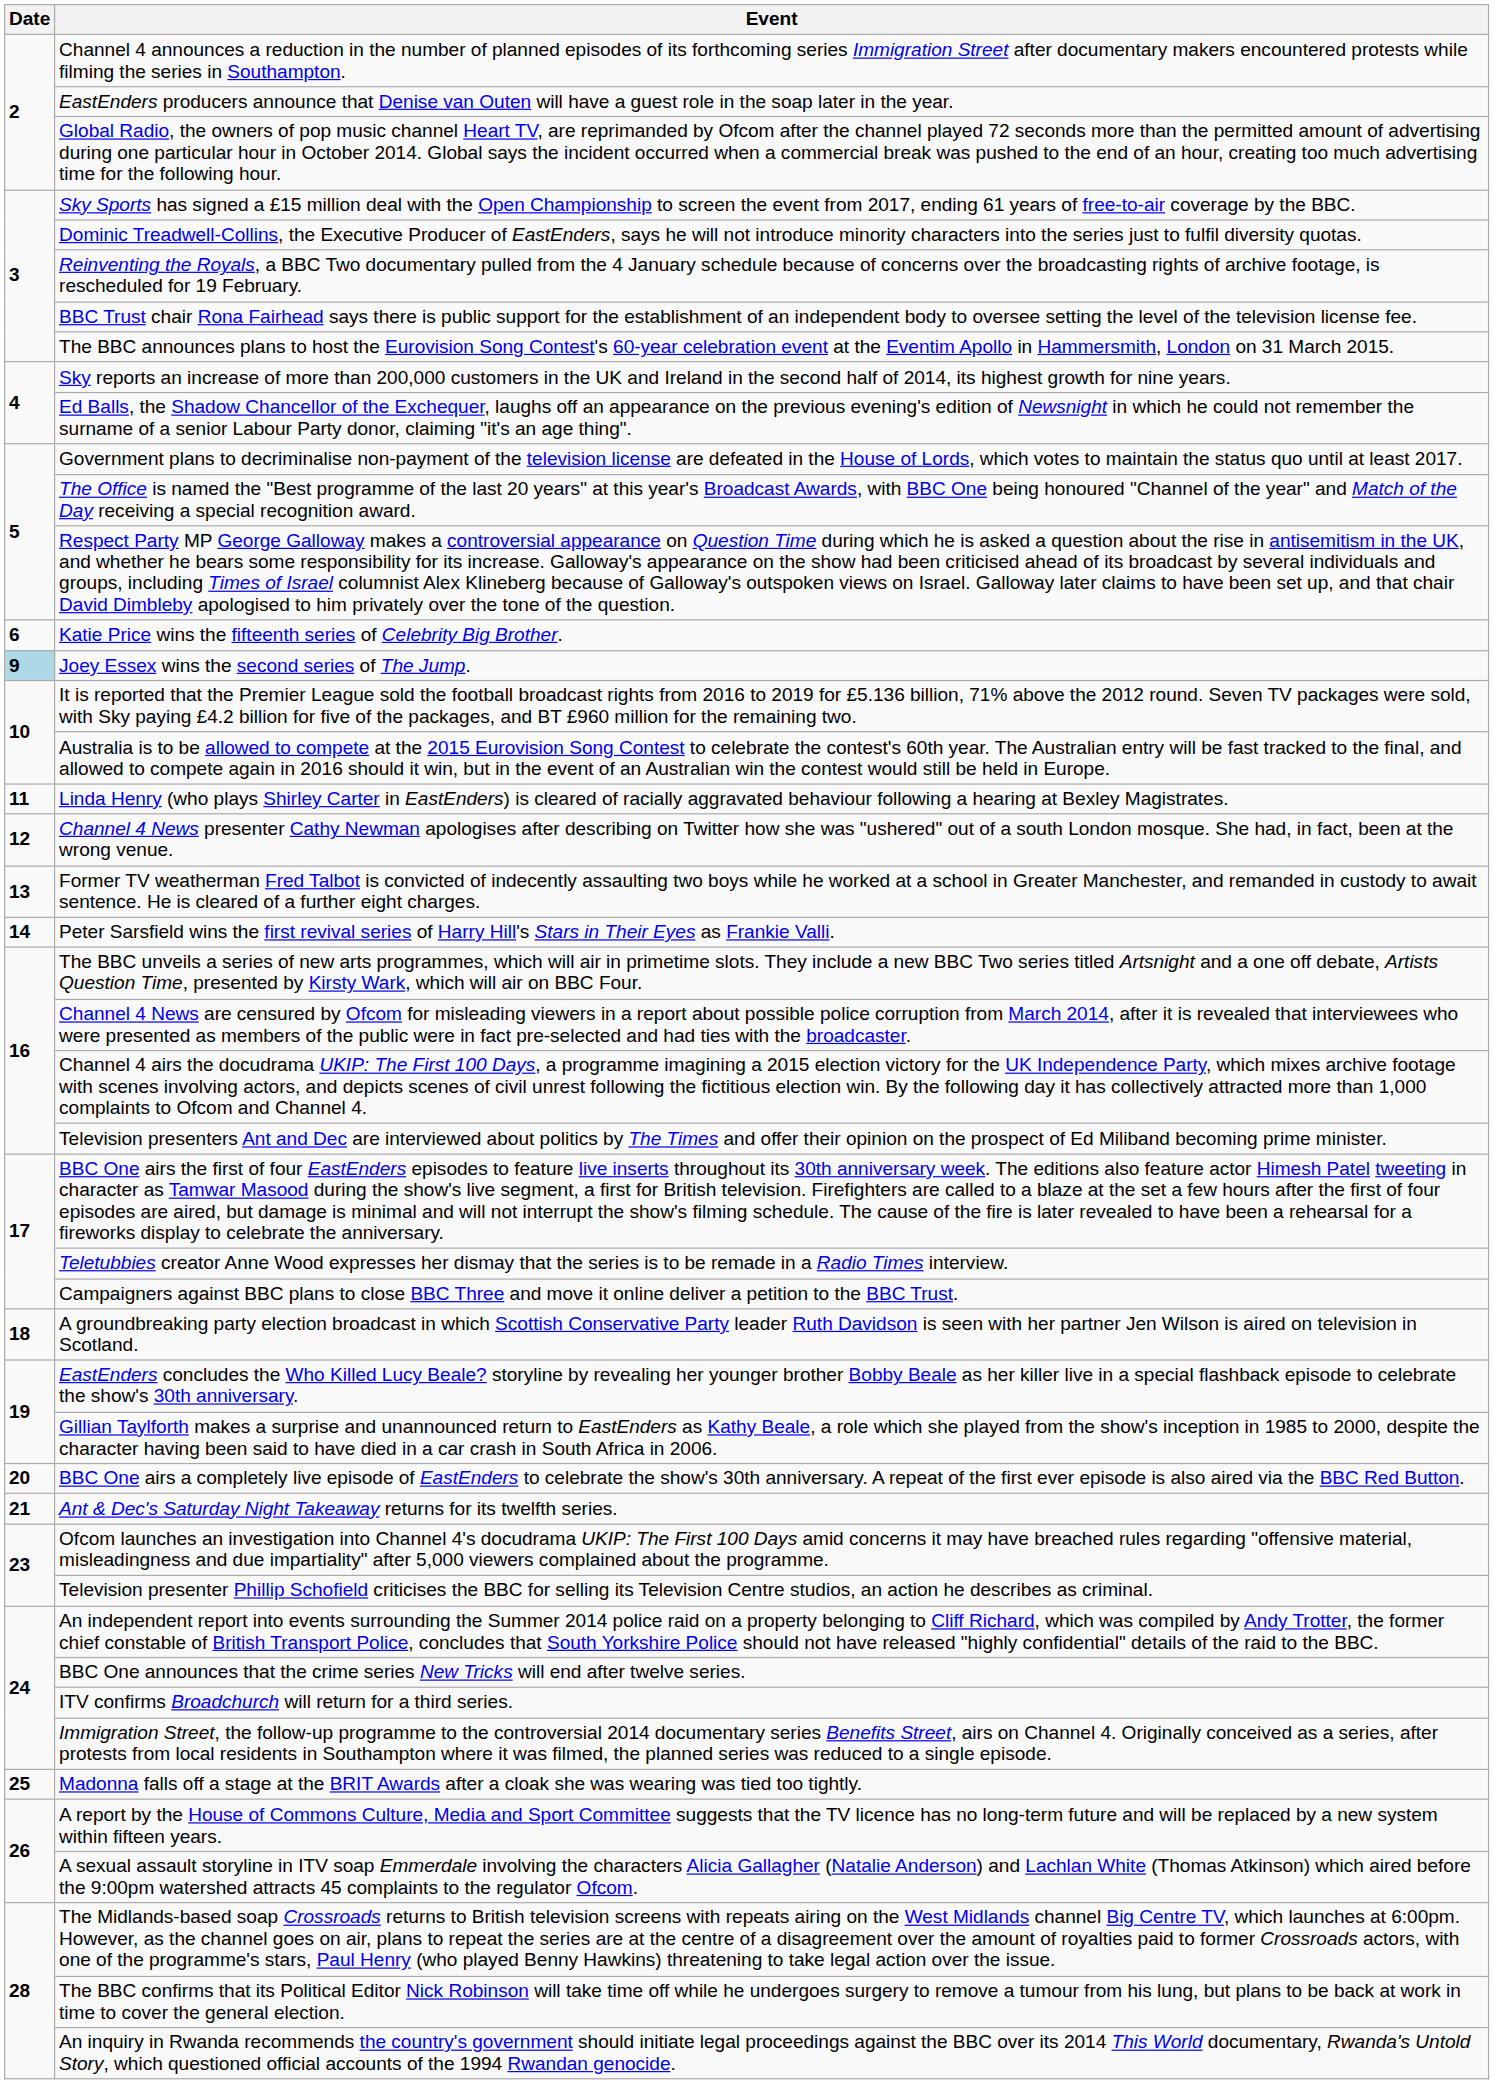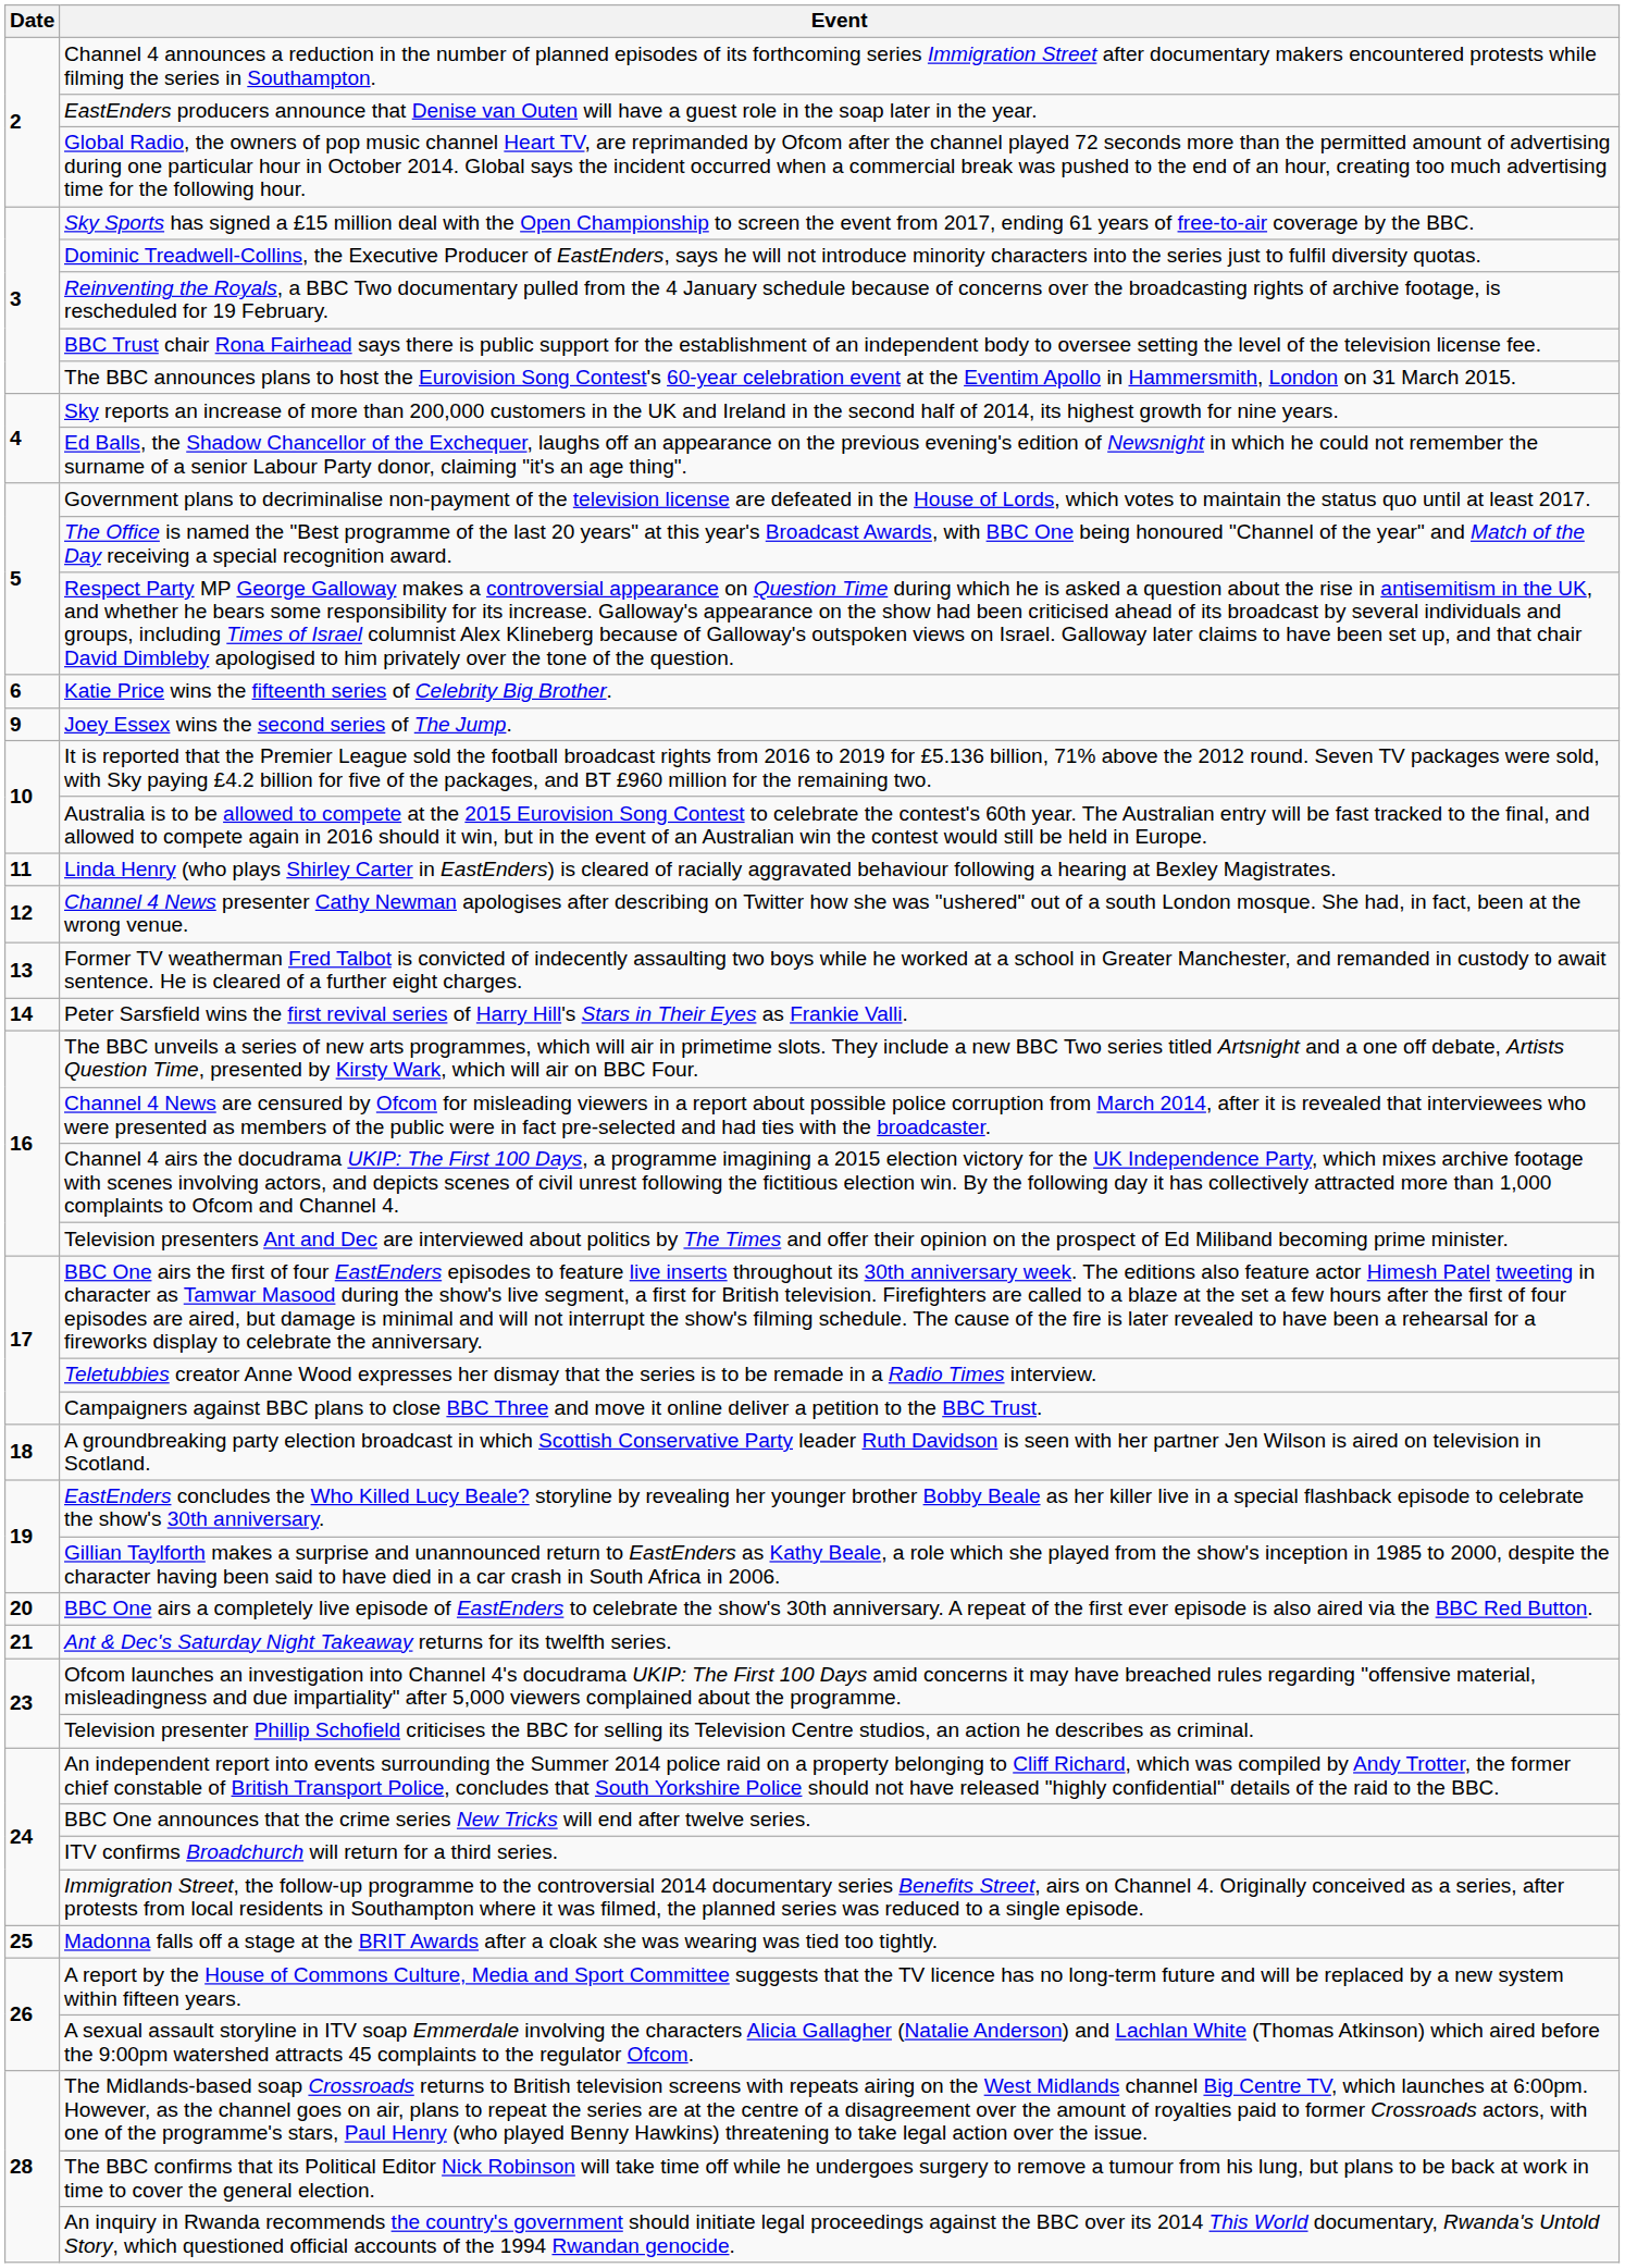 <table class="wikitable">
 <tr>
 <th>Date</th>
 <th>Event</th>
 </tr>
 <tr>
 <td rowspan=3><strong>2</strong></td>
 <td>Channel 4 announces a reduction in the number of planned episodes of its forthcoming series <em><a href='#'>Immigration Street</a></em> after documentary makers encountered protests while filming the series in <a href='#'>Southampton</a>.</td>
 </tr>
 <tr>
 <td><em>EastEnders</em> producers announce that <a href='#'>Denise van Outen</a> will have a guest role in the soap later in the year.</td>
 </tr>
 <tr>
 <td><a href='#'>Global Radio</a>, the owners of pop music channel <a href='#'>Heart TV</a>, are reprimanded by Ofcom after the channel played 72 seconds more than the permitted amount of advertising during one particular hour in October 2014. Global says the incident occurred when a commercial break was pushed to the end of an hour, creating too much advertising time for the following hour.</td>
 </tr>
 <tr>
 <td rowspan=5><strong>3</strong></td>
 <td><em><a href='#'>Sky Sports</a></em> has signed a £15 million deal with the <a href='#'>Open Championship</a> to screen the event from 2017, ending 61 years of <a href='#'>free-to-air</a> coverage by the BBC.</td>
 </tr>
 <tr>
 <td><a href='#'>Dominic Treadwell-Collins</a>, the Executive Producer of <em>EastEnders</em>, says he will not introduce minority characters into the series just to fulfil diversity quotas.</td>
 </tr>
 <tr>
 <td><em><a href='#'>Reinventing the Royals</a></em>, a BBC Two documentary pulled from the 4 January schedule because of concerns over the broadcasting rights of archive footage, is rescheduled for 19 February.</td>
 </tr>
 <tr>
 <td><a href='#'>BBC Trust</a> chair <a href='#'>Rona Fairhead</a> says there is public support for the establishment of an independent body to oversee setting the level of the television license fee.</td>
 </tr>
 <tr>
 <td>The BBC announces plans to host the <a href='#'>Eurovision Song Contest</a>'s <a href='#'>60-year celebration event</a> at the <a href='#'>Eventim Apollo</a> in <a href='#'>Hammersmith</a>, <a href='#'>London</a> on 31 March 2015.</td>
 </tr>
 <tr>
 <td rowspan=2><strong>4</strong></td>
 <td><a href='#'>Sky</a> reports an increase of more than 200,000 customers in the UK and Ireland in the second half of 2014, its highest growth for nine years.</td>
 </tr>
 <tr>
 <td><a href='#'>Ed Balls</a>, the <a href='#'>Shadow Chancellor of the Exchequer</a>, laughs off an appearance on the previous evening's edition of <em><a href='#'>Newsnight</a></em> in which he could not remember the surname of a senior Labour Party donor, claiming "it's an age thing".</td>
 </tr>
 <tr>
 <td rowspan=3><strong>5</strong></td>
 <td>Government plans to decriminalise non-payment of the <a href='#'>television license</a> are defeated in the <a href='#'>House of Lords</a>, which votes to maintain the status quo until at least 2017.</td>
 </tr>
 <tr>
 <td><em><a href='#'>The Office</a></em> is named the "Best programme of the last 20 years" at this year's <a href='#'>Broadcast Awards</a>, with <a href='#'>BBC One</a> being honoured "Channel of the year" and <em><a href='#'>Match of the Day</a></em> receiving a special recognition award.</td>
 </tr>
 <tr>
 <td><a href='#'>Respect Party</a> MP <a href='#'>George Galloway</a> makes a <a href='#'>controversial appearance</a> on <em><a href='#'>Question Time</a></em> during which he is asked a question about the rise in <a href='#'>antisemitism in the UK</a>, and whether he bears some responsibility for its increase. Galloway's appearance on the show had been criticised ahead of its broadcast by several individuals and groups, including <em><a href='#'>Times of Israel</a></em> columnist Alex Klineberg because of Galloway's outspoken views on Israel. Galloway later claims to have been set up, and that chair <a href='#'>David Dimbleby</a> apologised to him privately over the tone of the question.</td>
 </tr>
 <tr>
 <td><strong>6</strong></td>
 <td><a href='#'>Katie Price</a> wins the <a href='#'>fifteenth series</a> of <em><a href='#'>Celebrity Big Brother</a></em>.</td>
 </tr>
 <tr>
-<td style="background: lightblue;"><strong>9</strong></td>
+<td><strong>9</strong></td>
 <td><a href='#'>Joey Essex</a> wins the <a href='#'>second series</a> of <em><a href='#'>The Jump</a></em>.</td>
 </tr>
 <tr>
 <td rowspan=2><strong>10</strong></td>
 <td>It is reported that the Premier League sold the football broadcast rights from 2016 to 2019 for £5.136 billion, 71% above the 2012 round. Seven TV packages were sold, with Sky paying £4.2 billion for five of the packages, and BT £960 million for the remaining two.</td>
 </tr>
 <tr>
 <td>Australia is to be <a href='#'>allowed to compete</a> at the <a href='#'>2015 Eurovision Song Contest</a> to celebrate the contest's 60th year. The Australian entry will be fast tracked to the final, and allowed to compete again in 2016 should it win, but in the event of an Australian win the contest would still be held in Europe.</td>
 </tr>
 <tr>
 <td><strong>11</strong></td>
 <td><a href='#'>Linda Henry</a> (who plays <a href='#'>Shirley Carter</a> in <em>EastEnders</em>) is cleared of racially aggravated behaviour following a hearing at Bexley Magistrates.</td>
 </tr>
 <tr>
 <td><strong>12</strong></td>
 <td><em><a href='#'>Channel 4 News</a></em> presenter <a href='#'>Cathy Newman</a> apologises after describing on Twitter how she was "ushered" out of a south London mosque. She had, in fact, been at the wrong venue.</td>
 </tr>
 <tr>
 <td><strong>13</strong></td>
 <td>Former TV weatherman <a href='#'>Fred Talbot</a> is convicted of indecently assaulting two boys while he worked at a school in Greater Manchester, and remanded in custody to await sentence. He is cleared of a further eight charges.</td>
 </tr>
 <tr>
 <td><strong>14</strong></td>
 <td>Peter Sarsfield wins the <a href='#'>first revival series</a> of <a href='#'>Harry Hill</a>'s <em><a href='#'>Stars in Their Eyes</a></em> as <a href='#'>Frankie Valli</a>.</td>
 </tr>
 <tr>
 <td rowspan=4><strong>16</strong></td>
 <td>The BBC unveils a series of new arts programmes, which will air in primetime slots. They include a new BBC Two series titled <em>Artsnight</em> and a one off debate, <em>Artists Question Time</em>, presented by <a href='#'>Kirsty Wark</a>, which will air on BBC Four.</td>
 </tr>
 <tr>
 <td><a href='#'>Channel 4 News</a> are censured by <a href='#'>Ofcom</a> for misleading viewers in a report about possible police corruption from <a href='#'>March 2014</a>, after it is revealed that interviewees who were presented as members of the public were in fact pre-selected and had ties with the <a href='#'>broadcaster</a>.</td>
 </tr>
 <tr>
 <td>Channel 4 airs the docudrama <em><a href='#'>UKIP: The First 100 Days</a></em>, a programme imagining a 2015 election victory for the <a href='#'>UK Independence Party</a>, which mixes archive footage with scenes involving actors, and depicts scenes of civil unrest following the fictitious election win. By the following day it has collectively attracted more than 1,000 complaints to Ofcom and Channel 4.</td>
 </tr>
 <tr>
 <td>Television presenters <a href='#'>Ant and Dec</a> are interviewed about politics by <em><a href='#'>The Times</a></em> and offer their opinion on the prospect of Ed Miliband becoming prime minister.</td>
 </tr>
 <tr>
 <td rowspan=3><strong>17</strong></td>
 <td><a href='#'>BBC One</a> airs the first of four <em><a href='#'>EastEnders</a></em> episodes to feature <a href='#'>live inserts</a> throughout its <a href='#'>30th anniversary week</a>. The editions also feature actor <a href='#'>Himesh Patel</a> <a href='#'>tweeting</a> in character as <a href='#'>Tamwar Masood</a> during the show's live segment, a first for British television. Firefighters are called to a blaze at the set a few hours after the first of four episodes are aired, but damage is minimal and will not interrupt the show's filming schedule. The cause of the fire is later revealed to have been a rehearsal for a fireworks display to celebrate the anniversary.</td>
 </tr>
 <tr>
 <td><em><a href='#'>Teletubbies</a></em> creator Anne Wood expresses her dismay that the series is to be remade in a <em><a href='#'>Radio Times</a></em> interview.</td>
 </tr>
 <tr>
 <td>Campaigners against BBC plans to close <a href='#'>BBC Three</a> and move it online deliver a petition to the <a href='#'>BBC Trust</a>.</td>
 </tr>
 <tr>
 <td><strong>18</strong></td>
 <td>A groundbreaking party election broadcast in which <a href='#'>Scottish Conservative Party</a> leader <a href='#'>Ruth Davidson</a> is seen with her partner Jen Wilson is aired on television in Scotland.</td>
 </tr>
 <tr>
 <td rowspan=2><strong>19</strong></td>
 <td><em><a href='#'>EastEnders</a></em> concludes the <a href='#'>Who Killed Lucy Beale?</a> storyline by revealing her younger brother <a href='#'>Bobby Beale</a> as her killer live in a special flashback episode to celebrate the show's <a href='#'>30th anniversary</a>.</td>
 </tr>
 <tr>
 <td><a href='#'>Gillian Taylforth</a> makes a surprise and unannounced return to <em>EastEnders</em> as <a href='#'>Kathy Beale</a>, a role which she played from the show's inception in 1985 to 2000, despite the character having been said to have died in a car crash in South Africa in 2006.</td>
 </tr>
 <tr>
 <td><strong>20</strong></td>
 <td><a href='#'>BBC One</a> airs a completely live episode of <em><a href='#'>EastEnders</a></em> to celebrate the show's 30th anniversary. A repeat of the first ever episode is also aired via the <a href='#'>BBC Red Button</a>.</td>
 </tr>
 <tr>
 <td><strong>21</strong></td>
 <td><em><a href='#'>Ant & Dec's Saturday Night Takeaway</a></em> returns for its twelfth series.</td>
 </tr>
 <tr>
 <td rowspan=2><strong>23</strong></td>
 <td>Ofcom launches an investigation into Channel 4's docudrama <em>UKIP: The First 100 Days</em> amid concerns it may have breached rules regarding "offensive material, misleadingness and due impartiality" after 5,000 viewers complained about the programme.</td>
 </tr>
 <tr>
 <td>Television presenter <a href='#'>Phillip Schofield</a> criticises the BBC for selling its Television Centre studios, an action he describes as criminal.</td>
 </tr>
 <tr>
 <td rowspan=4><strong>24</strong></td>
 <td>An independent report into events surrounding the Summer 2014 police raid on a property belonging to <a href='#'>Cliff Richard</a>, which was compiled by <a href='#'>Andy Trotter</a>, the former chief constable of <a href='#'>British Transport Police</a>, concludes that <a href='#'>South Yorkshire Police</a> should not have released "highly confidential" details of the raid to the BBC.</td>
 </tr>
 <tr>
 <td>BBC One announces that the crime series <em><a href='#'>New Tricks</a></em> will end after twelve series.</td>
 </tr>
 <tr>
 <td>ITV confirms <em><a href='#'>Broadchurch</a></em> will return for a third series.</td>
 </tr>
 <tr>
 <td><em>Immigration Street</em>, the follow-up programme to the controversial 2014 documentary series <em><a href='#'>Benefits Street</a></em>, airs on Channel 4. Originally conceived as a series, after protests from local residents in Southampton where it was filmed, the planned series was reduced to a single episode.</td>
 </tr>
 <tr>
 <td><strong>25</strong></td>
 <td><a href='#'>Madonna</a> falls off a stage at the <a href='#'>BRIT Awards</a> after a cloak she was wearing was tied too tightly.</td>
 </tr>
 <tr>
 <td rowspan=2><strong>26</strong></td>
 <td>A report by the <a href='#'>House of Commons Culture, Media and Sport Committee</a> suggests that the TV licence has no long-term future and will be replaced by a new system within fifteen years.</td>
 </tr>
 <tr>
 <td>A sexual assault storyline in ITV soap <em>Emmerdale</em> involving the characters <a href='#'>Alicia Gallagher</a> (<a href='#'>Natalie Anderson</a>) and <a href='#'>Lachlan White</a> (Thomas Atkinson) which aired before the 9:00pm watershed attracts 45 complaints to the regulator <a href='#'>Ofcom</a>.</td>
 </tr>
 <tr>
 <td rowspan=3><strong>28</strong></td>
 <td>The Midlands-based soap <em><a href='#'>Crossroads</a></em> returns to British television screens with repeats airing on the <a href='#'>West Midlands</a> channel <a href='#'>Big Centre TV</a>, which launches at 6:00pm. However, as the channel goes on air, plans to repeat the series are at the centre of a disagreement over the amount of royalties paid to former <em>Crossroads</em> actors, with one of the programme's stars, <a href='#'>Paul Henry</a> (who played Benny Hawkins) threatening to take legal action over the issue.</td>
 </tr>
 <tr>
 <td>The BBC confirms that its Political Editor <a href='#'>Nick Robinson</a> will take time off while he undergoes surgery to remove a tumour from his lung, but plans to be back at work in time to cover the general election.</td>
 </tr>
 <tr>
 <td>An inquiry in Rwanda recommends <a href='#'>the country's government</a> should initiate legal proceedings against the BBC over its 2014 <em><a href='#'>This World</a></em> documentary, <em>Rwanda's Untold Story</em>, which questioned official accounts of the 1994 <a href='#'>Rwandan genocide</a>.</td>
 </tr>
 </table>
